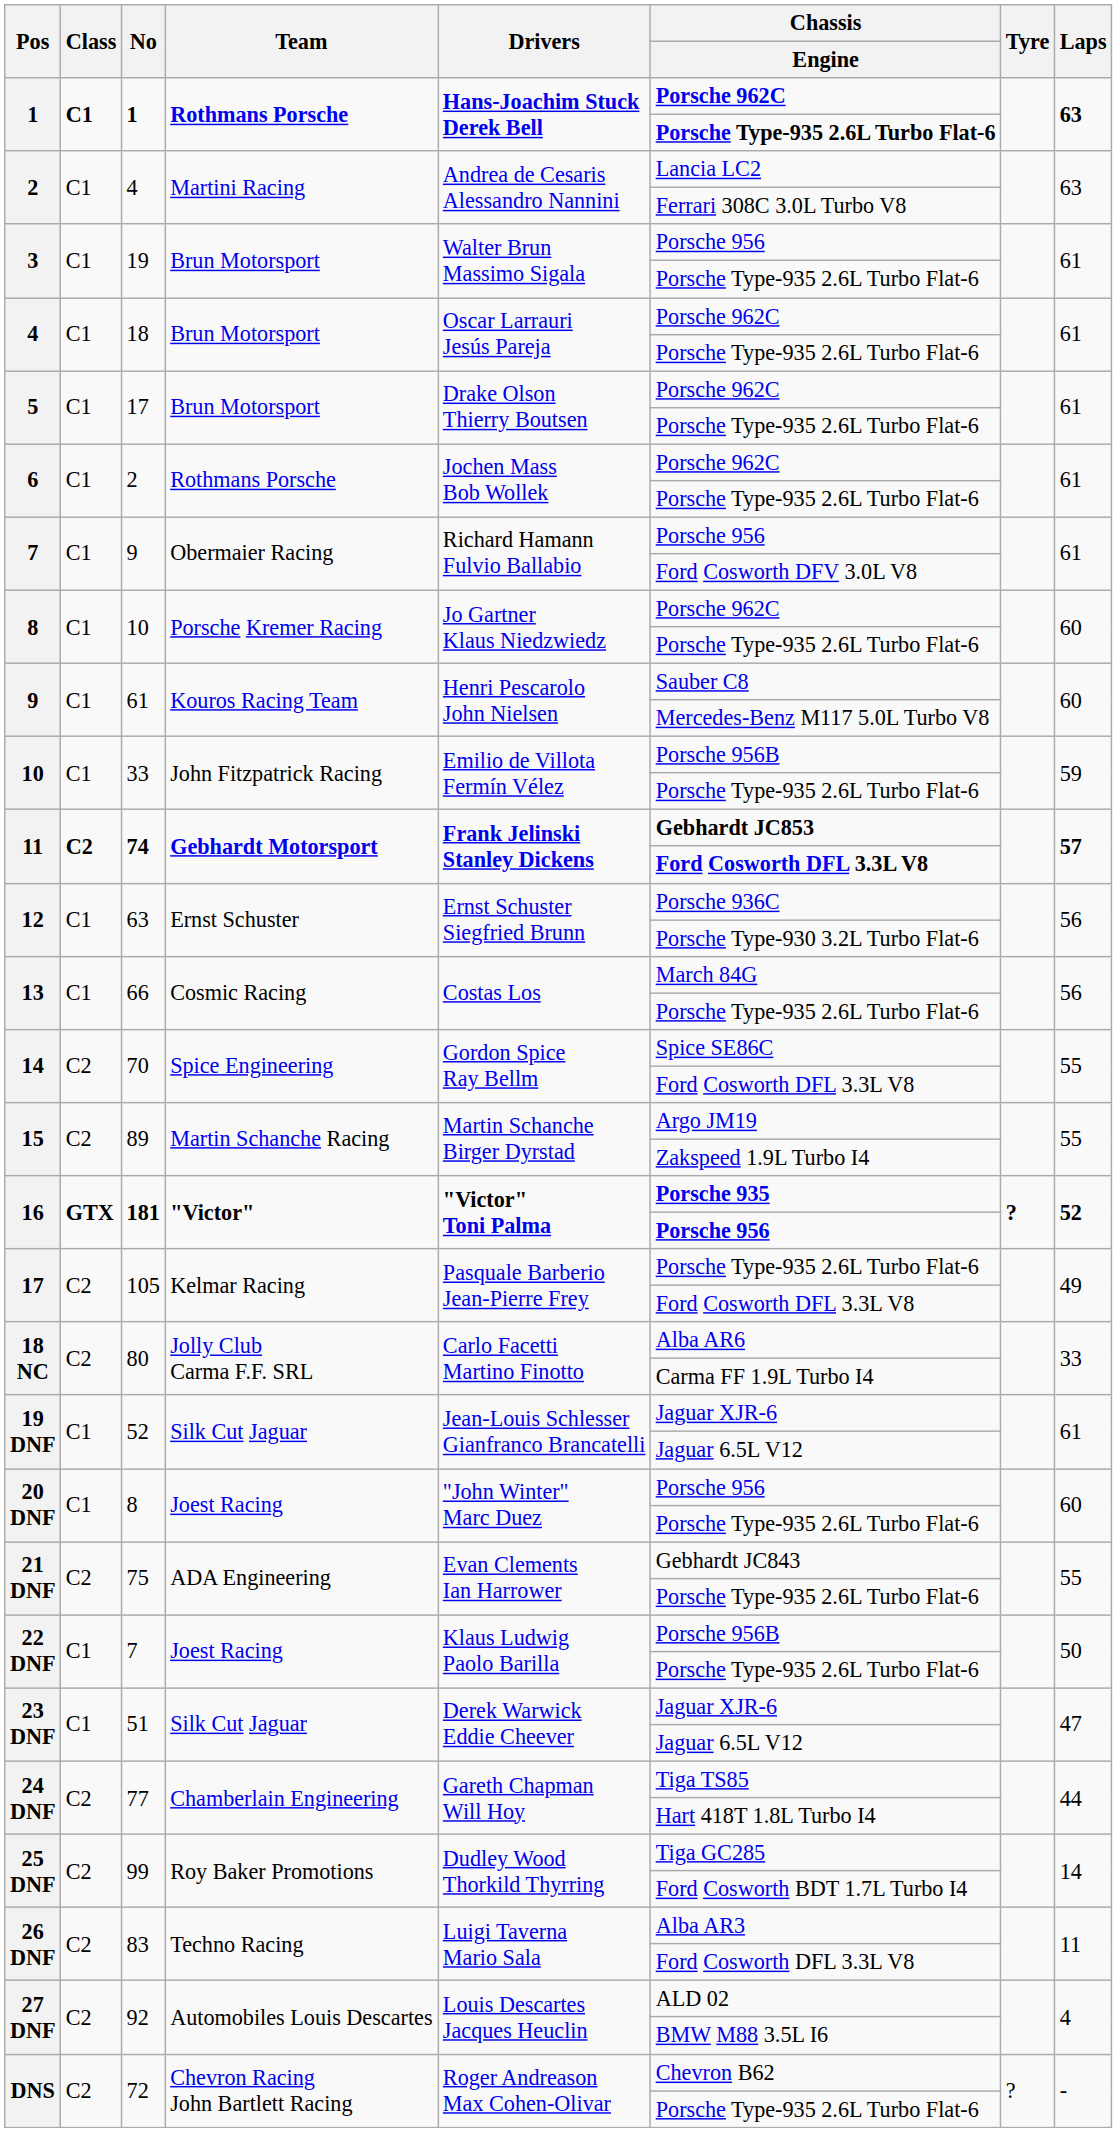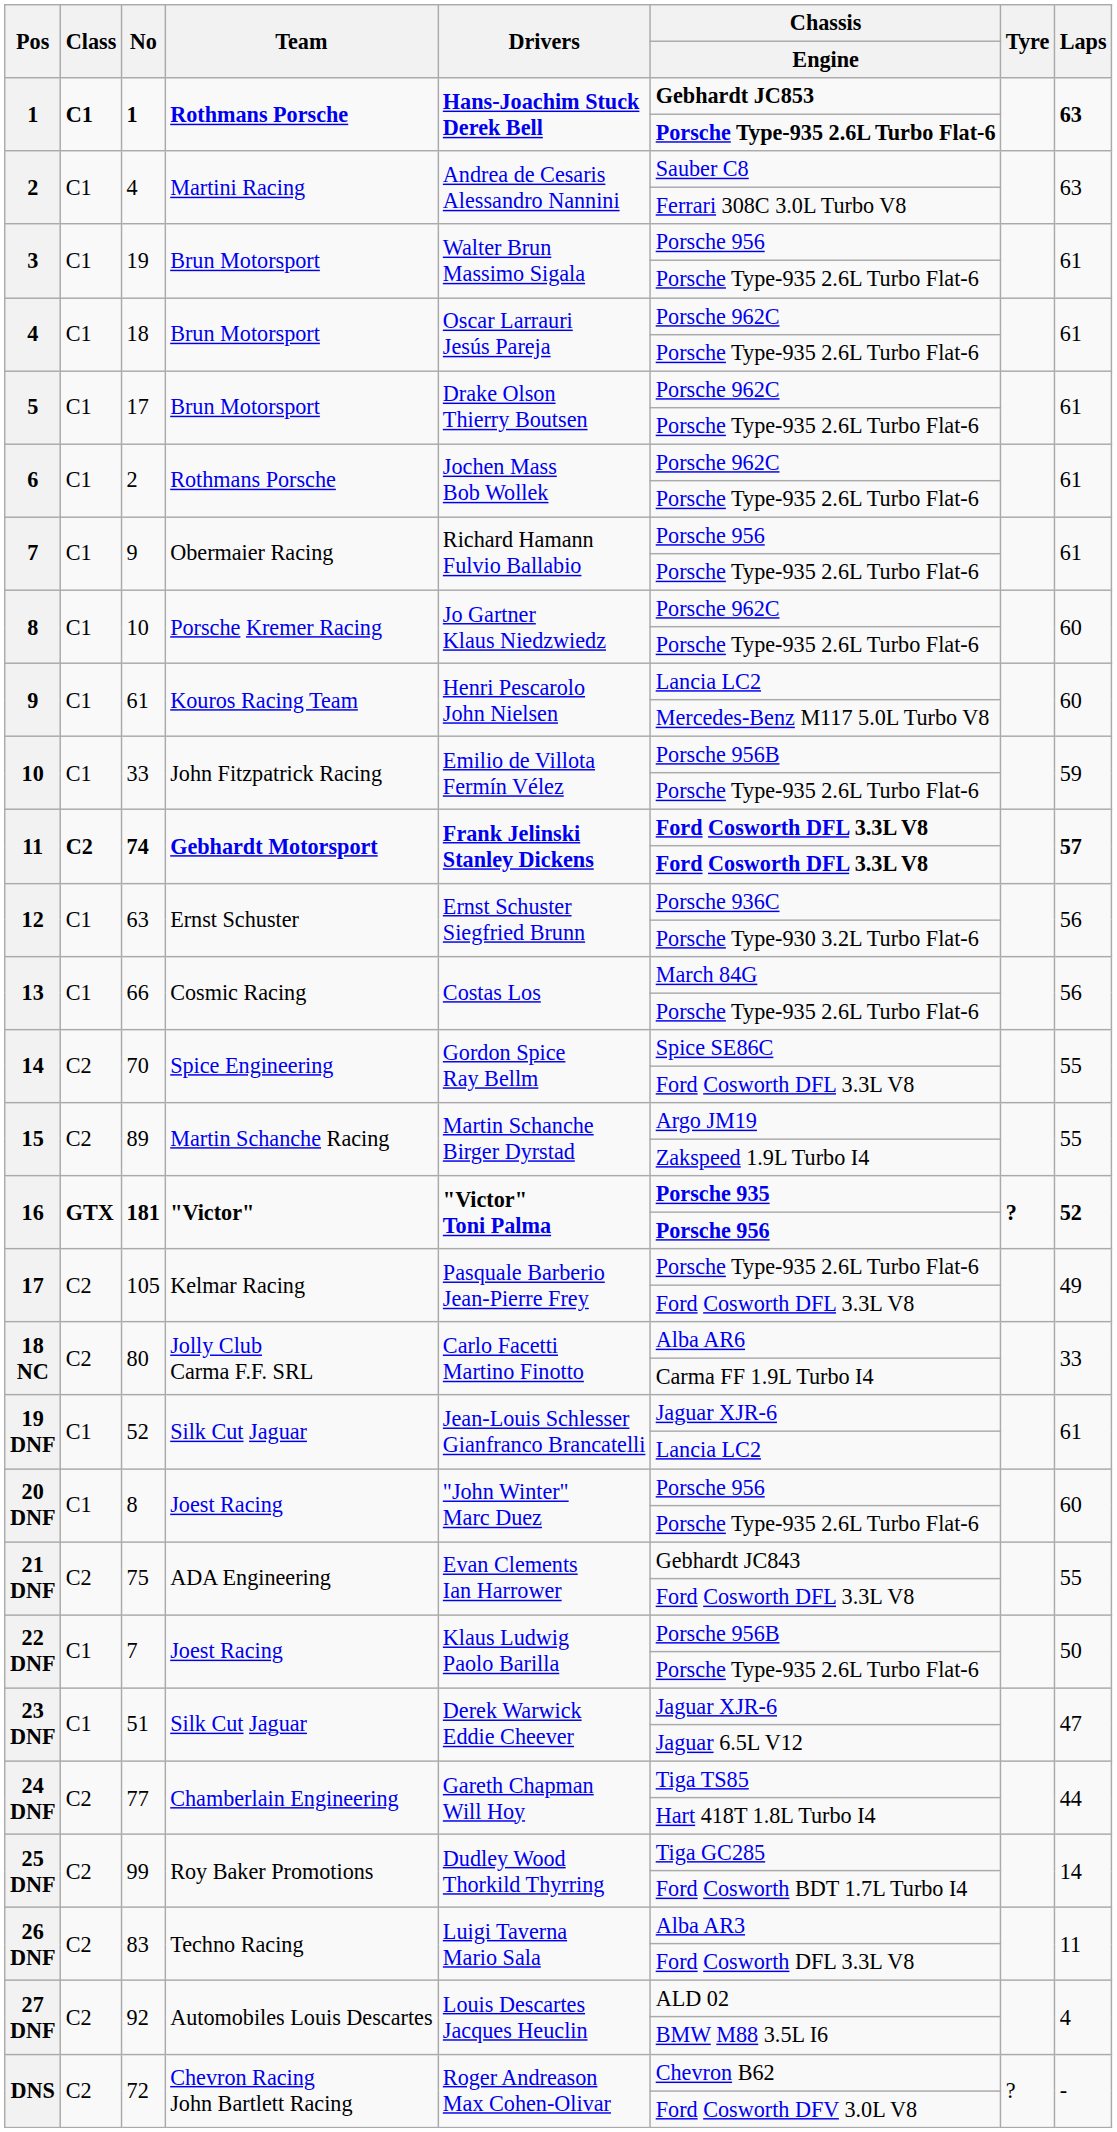 <table class="wikitable" style="font-size: 95%;">
 <tr>
 <th rowspan=2>Pos</th>
 <th rowspan=2>Class</th>
 <th rowspan=2>No</th>
 <th rowspan=2>Team</th>
 <th rowspan=2>Drivers</th>
 <th>Chassis</th>
 <th rowspan=2>Tyre</th>
 <th rowspan=2>Laps</th>
 </tr>
 <tr>
 <th>Engine</th>
 </tr>
 <tr style="font-weight:bold">
 <th rowspan=2>1</th>
 <td rowspan=2>C1</td>
 <td rowspan=2>1</td>
 <td rowspan=2> <a href='#'>Rothmans Porsche</a></td>
 <td rowspan=2> <a href='#'>Hans-Joachim Stuck</a><br> <a href='#'>Derek Bell</a></td>
-<td><a href='#'>Porsche 962C</a></td>
+<td>Gebhardt JC853</td>
 <td rowspan=2></td>
 <td rowspan=2>63</td>
 </tr>
 <tr style="font-weight:bold">
 <td><a href='#'>Porsche</a> Type-935 2.6L Turbo Flat-6</td>
 </tr>
 <tr>
 <th rowspan=2>2</th>
 <td rowspan=2>C1</td>
 <td rowspan=2>4</td>
 <td rowspan=2> <a href='#'>Martini Racing</a></td>
 <td rowspan=2> <a href='#'>Andrea de Cesaris</a><br> <a href='#'>Alessandro Nannini</a></td>
-<td><a href='#'>Lancia LC2</a></td>
+<td><a href='#'>Sauber C8</a></td>
 <td rowspan=2></td>
 <td rowspan=2>63</td>
 </tr>
 <tr>
 <td><a href='#'>Ferrari</a> 308C 3.0L Turbo V8</td>
 </tr>
 <tr>
 <th rowspan=2>3</th>
 <td rowspan=2>C1</td>
 <td rowspan=2>19</td>
 <td rowspan=2> <a href='#'>Brun Motorsport</a></td>
 <td rowspan=2> <a href='#'>Walter Brun</a><br> <a href='#'>Massimo Sigala</a></td>
 <td><a href='#'>Porsche 956</a></td>
 <td rowspan=2></td>
 <td rowspan=2>61</td>
 </tr>
 <tr>
 <td><a href='#'>Porsche</a> Type-935 2.6L Turbo Flat-6</td>
 </tr>
 <tr>
 <th rowspan=2>4</th>
 <td rowspan=2>C1</td>
 <td rowspan=2>18</td>
 <td rowspan=2> <a href='#'>Brun Motorsport</a></td>
 <td rowspan=2> <a href='#'>Oscar Larrauri</a><br> <a href='#'>Jesús Pareja</a></td>
 <td><a href='#'>Porsche 962C</a></td>
 <td rowspan=2></td>
 <td rowspan=2>61</td>
 </tr>
 <tr>
 <td><a href='#'>Porsche</a> Type-935 2.6L Turbo Flat-6</td>
 </tr>
 <tr>
 <th rowspan=2>5</th>
 <td rowspan=2>C1</td>
 <td rowspan=2>17</td>
 <td rowspan=2> <a href='#'>Brun Motorsport</a></td>
 <td rowspan=2> <a href='#'>Drake Olson</a><br> <a href='#'>Thierry Boutsen</a></td>
 <td><a href='#'>Porsche 962C</a></td>
 <td rowspan=2></td>
 <td rowspan=2>61</td>
 </tr>
 <tr>
 <td><a href='#'>Porsche</a> Type-935 2.6L Turbo Flat-6</td>
 </tr>
 <tr>
 <th rowspan=2>6</th>
 <td rowspan=2>C1</td>
 <td rowspan=2>2</td>
 <td rowspan=2> <a href='#'>Rothmans Porsche</a></td>
 <td rowspan=2> <a href='#'>Jochen Mass</a><br> <a href='#'>Bob Wollek</a></td>
 <td><a href='#'>Porsche 962C</a></td>
 <td rowspan=2></td>
 <td rowspan=2>61</td>
 </tr>
 <tr>
 <td><a href='#'>Porsche</a> Type-935 2.6L Turbo Flat-6</td>
 </tr>
 <tr>
 <th rowspan=2>7</th>
 <td rowspan=2>C1</td>
 <td rowspan=2>9</td>
 <td rowspan=2> Obermaier Racing</td>
 <td rowspan=2> Richard Hamann<br> <a href='#'>Fulvio Ballabio</a></td>
 <td><a href='#'>Porsche 956</a></td>
 <td rowspan=2></td>
 <td rowspan=2>61</td>
 </tr>
 <tr>
-<td><a href='#'>Ford</a> <a href='#'>Cosworth DFV</a> 3.0L V8</td>
+<td><a href='#'>Porsche</a> Type-935 2.6L Turbo Flat-6</td>
 </tr>
 <tr>
 <th rowspan=2>8</th>
 <td rowspan=2>C1</td>
 <td rowspan=2>10</td>
 <td rowspan=2> <a href='#'>Porsche</a> <a href='#'>Kremer Racing</a></td>
 <td rowspan=2> <a href='#'>Jo Gartner</a><br> <a href='#'>Klaus Niedzwiedz</a></td>
 <td><a href='#'>Porsche 962C</a></td>
 <td rowspan=2></td>
 <td rowspan=2>60</td>
 </tr>
 <tr>
 <td><a href='#'>Porsche</a> Type-935 2.6L Turbo Flat-6</td>
 </tr>
 <tr>
 <th rowspan=2>9</th>
 <td rowspan=2>C1</td>
 <td rowspan=2>61</td>
 <td rowspan=2> <a href='#'>Kouros Racing Team</a></td>
 <td rowspan=2> <a href='#'>Henri Pescarolo</a><br> <a href='#'>John Nielsen</a></td>
-<td><a href='#'>Sauber C8</a></td>
+<td><a href='#'>Lancia LC2</a></td>
 <td rowspan=2></td>
 <td rowspan=2>60</td>
 </tr>
 <tr>
 <td><a href='#'>Mercedes-Benz</a> M117 5.0L Turbo V8</td>
 </tr>
 <tr>
 <th rowspan=2>10</th>
 <td rowspan=2>C1</td>
 <td rowspan=2>33</td>
 <td rowspan=2> John Fitzpatrick Racing</td>
 <td rowspan=2> <a href='#'>Emilio de Villota</a><br> <a href='#'>Fermín Vélez</a></td>
 <td><a href='#'>Porsche 956B</a></td>
 <td rowspan=2></td>
 <td rowspan=2>59</td>
 </tr>
 <tr>
 <td><a href='#'>Porsche</a> Type-935 2.6L Turbo Flat-6</td>
 </tr>
 <tr style="font-weight:bold">
 <th rowspan=2>11</th>
 <td rowspan=2>C2</td>
 <td rowspan=2>74</td>
 <td rowspan=2> <a href='#'>Gebhardt Motorsport</a></td>
 <td rowspan=2> <a href='#'>Frank Jelinski</a><br> <a href='#'>Stanley Dickens</a></td>
-<td>Gebhardt JC853</td>
+<td><a href='#'>Ford</a> <a href='#'>Cosworth DFL</a> 3.3L V8</td>
 <td rowspan=2></td>
 <td rowspan=2>57</td>
 </tr>
 <tr style="font-weight:bold">
 <td><a href='#'>Ford</a> <a href='#'>Cosworth DFL</a> 3.3L V8</td>
 </tr>
 <tr>
 <th rowspan=2>12</th>
 <td rowspan=2>C1</td>
 <td rowspan=2>63</td>
 <td rowspan=2> Ernst Schuster</td>
 <td rowspan=2> <a href='#'>Ernst Schuster</a><br> <a href='#'>Siegfried Brunn</a></td>
 <td><a href='#'>Porsche 936C</a></td>
 <td rowspan=2></td>
 <td rowspan=2>56</td>
 </tr>
 <tr>
 <td><a href='#'>Porsche</a> Type-930 3.2L Turbo Flat-6</td>
 </tr>
 <tr>
 <th rowspan=2>13</th>
 <td rowspan=2>C1</td>
 <td rowspan=2>66</td>
 <td rowspan=2> Cosmic Racing</td>
 <td rowspan=2> <a href='#'>Costas Los</a></td>
 <td><a href='#'>March 84G</a></td>
 <td rowspan=2></td>
 <td rowspan=2>56</td>
 </tr>
 <tr>
 <td><a href='#'>Porsche</a> Type-935 2.6L Turbo Flat-6</td>
 </tr>
 <tr>
 <th rowspan=2>14</th>
 <td rowspan=2>C2</td>
 <td rowspan=2>70</td>
 <td rowspan=2> <a href='#'>Spice Engineering</a></td>
 <td rowspan=2> <a href='#'>Gordon Spice</a><br> <a href='#'>Ray Bellm</a></td>
 <td><a href='#'>Spice SE86C</a></td>
 <td rowspan=2></td>
 <td rowspan=2>55</td>
 </tr>
 <tr>
 <td><a href='#'>Ford</a> <a href='#'>Cosworth DFL</a> 3.3L V8</td>
 </tr>
 <tr>
 <th rowspan=2>15</th>
 <td rowspan=2>C2</td>
 <td rowspan=2>89</td>
 <td rowspan=2> <a href='#'>Martin Schanche</a> Racing</td>
 <td rowspan=2> <a href='#'>Martin Schanche</a><br> <a href='#'>Birger Dyrstad</a></td>
 <td><a href='#'>Argo JM19</a></td>
 <td rowspan=2></td>
 <td rowspan=2>55</td>
 </tr>
 <tr>
 <td><a href='#'>Zakspeed</a> 1.9L Turbo I4</td>
 </tr>
 <tr style="font-weight:bold">
 <th rowspan=2>16</th>
 <td rowspan=2>GTX</td>
 <td rowspan=2>181</td>
 <td rowspan=2> "Victor"</td>
 <td rowspan=2> "Victor"<br> <a href='#'>Toni Palma</a></td>
 <td><a href='#'>Porsche 935</a></td>
 <td rowspan=2>?</td>
 <td rowspan=2>52</td>
 </tr>
 <tr style="font-weight:bold">
 <td><a href='#'>Porsche 956</a></td>
 </tr>
 <tr>
 <th rowspan=2>17</th>
 <td rowspan=2>C2</td>
 <td rowspan=2>105</td>
 <td rowspan=2> Kelmar Racing</td>
 <td rowspan=2> <a href='#'>Pasquale Barberio</a><br> <a href='#'>Jean-Pierre Frey</a></td>
 <td><a href='#'>Porsche</a> Type-935 2.6L Turbo Flat-6</td>
 <td rowspan=2></td>
 <td rowspan=2>49</td>
 </tr>
 <tr>
 <td><a href='#'>Ford</a> <a href='#'>Cosworth DFL</a> 3.3L V8</td>
 </tr>
 <tr>
 <th rowspan=2>18<br>NC</th>
 <td rowspan=2>C2</td>
 <td rowspan=2>80</td>
 <td rowspan=2> <a href='#'>Jolly Club</a><br> Carma F.F. SRL</td>
 <td rowspan=2> <a href='#'>Carlo Facetti</a><br> <a href='#'>Martino Finotto</a></td>
 <td><a href='#'>Alba AR6</a></td>
 <td rowspan=2></td>
 <td rowspan=2>33</td>
 </tr>
 <tr>
 <td>Carma FF 1.9L Turbo I4</td>
 </tr>
 <tr>
 <th rowspan=2>19<br>DNF</th>
 <td rowspan=2>C1</td>
 <td rowspan=2>52</td>
 <td rowspan=2> <a href='#'>Silk Cut</a> <a href='#'>Jaguar</a></td>
 <td rowspan=2> <a href='#'>Jean-Louis Schlesser</a><br> <a href='#'>Gianfranco Brancatelli</a></td>
 <td><a href='#'>Jaguar XJR-6</a></td>
 <td rowspan=2></td>
 <td rowspan=2>61</td>
 </tr>
 <tr>
-<td><a href='#'>Jaguar</a> 6.5L V12</td>
+<td><a href='#'>Lancia LC2</a></td>
 </tr>
 <tr>
 <th rowspan=2>20<br>DNF</th>
 <td rowspan=2>C1</td>
 <td rowspan=2>8</td>
 <td rowspan=2> <a href='#'>Joest Racing</a></td>
 <td rowspan=2> <a href='#'>"John Winter"</a><br> <a href='#'>Marc Duez</a></td>
 <td><a href='#'>Porsche 956</a></td>
 <td rowspan=2></td>
 <td rowspan=2>60</td>
 </tr>
 <tr>
 <td><a href='#'>Porsche</a> Type-935 2.6L Turbo Flat-6</td>
 </tr>
 <tr>
 <th rowspan=2>21<br>DNF</th>
 <td rowspan=2>C2</td>
 <td rowspan=2>75</td>
 <td rowspan=2> ADA Engineering</td>
 <td rowspan=2> <a href='#'>Evan Clements</a><br> <a href='#'>Ian Harrower</a></td>
 <td>Gebhardt JC843</td>
 <td rowspan=2></td>
 <td rowspan=2>55</td>
 </tr>
 <tr>
-<td><a href='#'>Porsche</a> Type-935 2.6L Turbo Flat-6</td>
+<td><a href='#'>Ford</a> <a href='#'>Cosworth DFL</a> 3.3L V8</td>
 </tr>
 <tr>
 <th rowspan=2>22<br>DNF</th>
 <td rowspan=2>C1</td>
 <td rowspan=2>7</td>
 <td rowspan=2> <a href='#'>Joest Racing</a></td>
 <td rowspan=2> <a href='#'>Klaus Ludwig</a><br> <a href='#'>Paolo Barilla</a></td>
 <td><a href='#'>Porsche 956B</a></td>
 <td rowspan=2></td>
 <td rowspan=2>50</td>
 </tr>
 <tr>
 <td><a href='#'>Porsche</a> Type-935 2.6L Turbo Flat-6</td>
 </tr>
 <tr>
 <th rowspan=2>23<br>DNF</th>
 <td rowspan=2>C1</td>
 <td rowspan=2>51</td>
 <td rowspan=2> <a href='#'>Silk Cut</a> <a href='#'>Jaguar</a></td>
 <td rowspan=2> <a href='#'>Derek Warwick</a><br> <a href='#'>Eddie Cheever</a></td>
 <td><a href='#'>Jaguar XJR-6</a></td>
 <td rowspan=2></td>
 <td rowspan=2>47</td>
 </tr>
 <tr>
 <td><a href='#'>Jaguar</a> 6.5L V12</td>
 </tr>
 <tr>
 <th rowspan=2>24<br>DNF</th>
 <td rowspan=2>C2</td>
 <td rowspan=2>77</td>
 <td rowspan=2> <a href='#'>Chamberlain Engineering</a></td>
 <td rowspan=2> <a href='#'>Gareth Chapman</a><br> <a href='#'>Will Hoy</a></td>
 <td><a href='#'>Tiga TS85</a></td>
 <td rowspan=2></td>
 <td rowspan=2>44</td>
 </tr>
 <tr>
 <td><a href='#'>Hart</a> 418T 1.8L Turbo I4</td>
 </tr>
 <tr>
 <th rowspan=2>25<br>DNF</th>
 <td rowspan=2>C2</td>
 <td rowspan=2>99</td>
 <td rowspan=2> Roy Baker Promotions</td>
 <td rowspan=2> <a href='#'>Dudley Wood</a><br> <a href='#'>Thorkild Thyrring</a></td>
 <td><a href='#'>Tiga GC285</a></td>
 <td rowspan=2></td>
 <td rowspan=2>14</td>
 </tr>
 <tr>
 <td><a href='#'>Ford</a> <a href='#'>Cosworth</a> BDT 1.7L Turbo I4</td>
 </tr>
 <tr>
 <th rowspan=2>26<br>DNF</th>
 <td rowspan=2>C2</td>
 <td rowspan=2>83</td>
 <td rowspan=2> Techno Racing</td>
 <td rowspan=2> <a href='#'>Luigi Taverna</a><br> <a href='#'>Mario Sala</a></td>
 <td><a href='#'>Alba AR3</a></td>
 <td rowspan=2></td>
 <td rowspan=2>11</td>
 </tr>
 <tr>
 <td><a href='#'>Ford</a> <a href='#'>Cosworth</a> DFL 3.3L V8</td>
 </tr>
 <tr>
 <th rowspan=2>27<br>DNF</th>
 <td rowspan=2>C2</td>
 <td rowspan=2>92</td>
 <td rowspan=2> Automobiles Louis Descartes</td>
 <td rowspan=2> <a href='#'>Louis Descartes</a><br> <a href='#'>Jacques Heuclin</a></td>
 <td>ALD 02</td>
 <td rowspan=2></td>
 <td rowspan=2>4</td>
 </tr>
 <tr>
 <td><a href='#'>BMW</a> <a href='#'>M88</a> 3.5L I6</td>
 </tr>
 <tr>
 <th rowspan=2>DNS</th>
 <td rowspan=2>C2</td>
 <td rowspan=2>72</td>
 <td rowspan=2> <a href='#'>Chevron Racing</a><br> John Bartlett Racing</td>
 <td rowspan=2> <a href='#'>Roger Andreason</a><br> <a href='#'>Max Cohen-Olivar</a></td>
 <td><a href='#'>Chevron</a> B62</td>
 <td rowspan=2>?</td>
 <td rowspan=2>-</td>
 </tr>
 <tr>
-<td><a href='#'>Porsche</a> Type-935 2.6L Turbo Flat-6</td>
+<td><a href='#'>Ford</a> <a href='#'>Cosworth DFV</a> 3.0L V8</td>
 </tr>
 </table>
